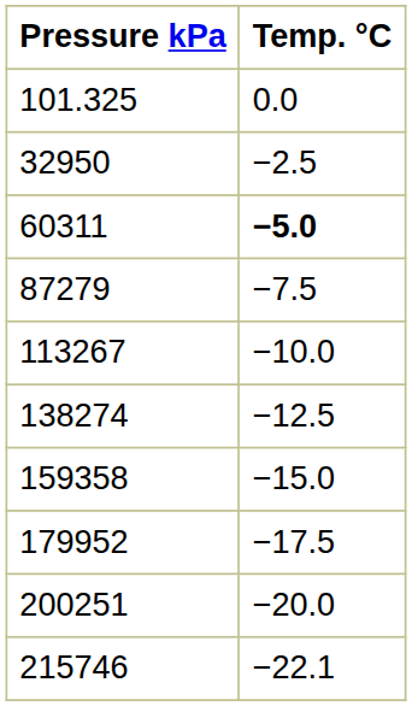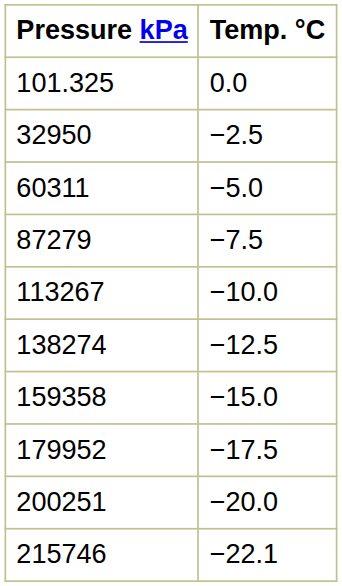 <table border="1" cellspacing="0" cellpadding="6" style="margin: 0 0 0 0.5em; background: white; border-collapse: collapse; border-color: #C0C090;">
 <tr>
 <td><strong>Pressure <a href='#'>kPa</a></strong></td>
 <td><strong>Temp. °C</strong></td>
 </tr>
 <tr>
 <td>101.325</td>
 <td>0.0</td>
 </tr>
 <tr>
 <td>32950</td>
 <td>−2.5</td>
 </tr>
 <tr>
 <td>60311</td>
-<td><strong>−5.0</strong></td>
+<td>−5.0</td>
 </tr>
 <tr>
 <td>87279</td>
 <td>−7.5</td>
 </tr>
 <tr>
 <td>113267</td>
 <td>−10.0</td>
 </tr>
 <tr>
 <td>138274</td>
 <td>−12.5</td>
 </tr>
 <tr>
 <td>159358</td>
 <td>−15.0</td>
 </tr>
 <tr>
 <td>179952</td>
 <td>−17.5</td>
 </tr>
 <tr>
 <td>200251</td>
 <td>−20.0</td>
 </tr>
 <tr>
 <td>215746</td>
 <td>−22.1</td>
 </tr>
 </table>
